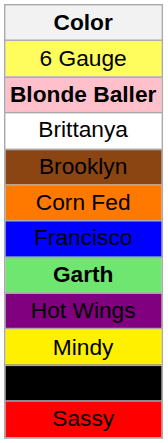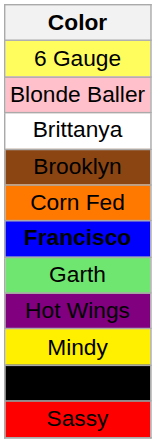 <table class="wikitable" style="text-align:center">
 <tr>
 <th>Color</th>
 </tr>
 <tr>
 <td bgcolor="fffd5e">6 Gauge</td>
 </tr>
 <tr>
-<td bgcolor="pink"><strong>Blonde Baller</strong></td>
+<td bgcolor="pink">Blonde Baller</td>
 </tr>
 <tr>
 <td bgcolor="white">Brittanya</td>
 </tr>
 <tr>
 <td bgcolor="saddlebrown"><span>Brooklyn</span></td>
 </tr>
 <tr>
 <td bgcolor="ff7800">Corn Fed</td>
 </tr>
 <tr>
-<td bgcolor="blue"><span>Francisco</span></td>
+<td bgcolor="blue"><strong><span>Francisco</span></strong></td>
 </tr>
 <tr>
-<td bgcolor="6fe66f"><strong>Garth</strong></td>
+<td bgcolor="6fe66f">Garth</td>
 </tr>
 <tr>
 <td bgcolor="purple"><span>Hot Wings</span></td>
 </tr>
 <tr>
 <td bgcolor="fff000">Mindy</td>
 </tr>
 <tr>
 <td bgcolor="black"><span>Punisher</span></td>
 </tr>
 <tr>
 <td bgcolor="red"><span>Sassy</span></td>
 </tr>
 <tr>
 </tr>
 </table>
